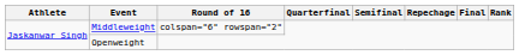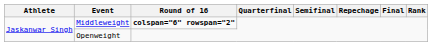 <table class="wikitable" border="1" style="font-size:90%">
 <tr>
 <th>Athlete</th>
 <th>Event</th>
 <th>Round of 16</th>
 <th>Quarterfinal</th>
 <th>Semifinal</th>
 <th>Repechage</th>
 <th>Final</th>
 <th>Rank</th>
 </tr>
 <tr align=center>
 <td rowspan="2" align=left><a href='#'>Jaskanwar Singh</a></td>
 <td><a href='#'>Middleweight</a></td>
-<td>colspan="6" rowspan="2" </td>
+<td><strong>colspan="6" rowspan="2" </strong></td>
 </tr>
 <tr>
 <td>Openweight</td>
 </tr>
 </table>
